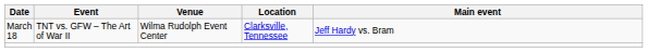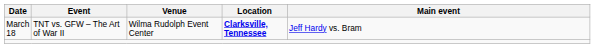 <table class="sortable wikitable succession-box" style="font-size:85%;">
 <tr>
 <th scope="col" width="10">Date</th>
 <th scope="col" width="150">Event</th>
 <th scope="col" width="150">Venue</th>
 <th scope="col" width="100">Location</th>
 <th scope="col" width="490">Main event</th>
 </tr>
 <tr>
 <td>March 18</td>
 <td>TNT vs. GFW – The Art of War II</td>
 <td>Wilma Rudolph Event Center</td>
-<td><a href='#'>Clarksville, Tennessee</a></td>
+<td><strong><a href='#'>Clarksville, Tennessee</a></strong></td>
 <td><a href='#'>Jeff Hardy</a> vs. Bram</td>
 </tr>
 <tr>
 <td colspan=5></td>
 </tr>
 </table>
